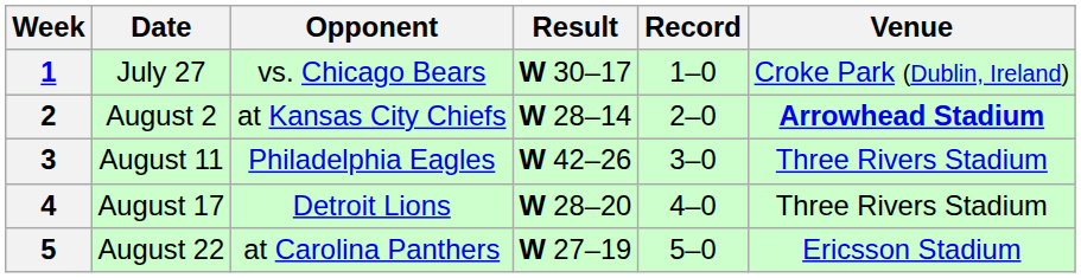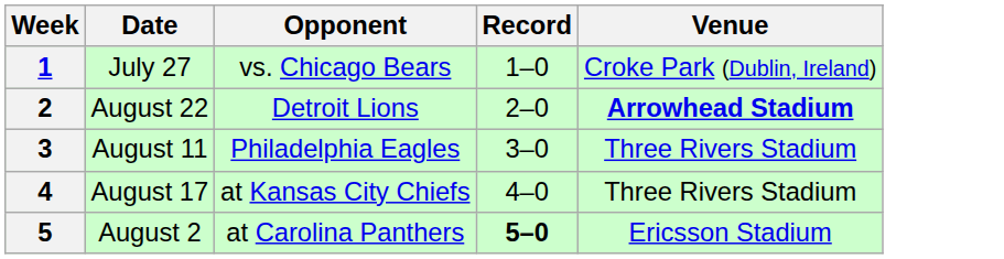 <table class="wikitable" style="text-align:center">
 <tr>
 <th>Week</th>
 <th>Date</th>
 <th>Opponent</th>
-<th>Result</th>
 <th>Record</th>
 <th>Venue</th>
 </tr>
 <tr style="background:#cfc">
 <th><a href='#'>1</a></th>
 <td>July 27</td>
 <td>vs. <a href='#'>Chicago Bears</a></td>
-<td><strong>W</strong> 30–17</td>
 <td>1–0</td>
 <td> <a href='#'>Croke Park</a> <small>(<a href='#'>Dublin, Ireland</a>)</small></td>
 </tr>
 <tr style="background:#cfc">
 <th>2</th>
-<td>August 2</td>
-<td>at <a href='#'>Kansas City Chiefs</a></td>
-<td><strong>W</strong> 28–14</td>
+<td>August 22</td>
+<td><a href='#'>Detroit Lions</a></td>
 <td>2–0</td>
 <td><strong><a href='#'>Arrowhead Stadium</a></strong></td>
 </tr>
 <tr style="background:#cfc">
 <th>3</th>
 <td>August 11</td>
 <td><a href='#'>Philadelphia Eagles</a></td>
-<td><strong>W</strong> 42–26</td>
 <td>3–0</td>
 <td><a href='#'>Three Rivers Stadium</a></td>
 </tr>
 <tr style="background:#cfc">
 <th>4</th>
 <td>August 17</td>
-<td><a href='#'>Detroit Lions</a></td>
-<td><strong>W</strong> 28–20</td>
+<td>at <a href='#'>Kansas City Chiefs</a></td>
 <td>4–0</td>
 <td>Three Rivers Stadium</td>
 </tr>
 <tr style="background:#cfc">
 <th>5</th>
-<td>August 22</td>
+<td>August 2</td>
 <td>at <a href='#'>Carolina Panthers</a></td>
-<td><strong>W</strong> 27–19</td>
-<td>5–0</td>
+<td><strong>5–0</strong></td>
 <td><a href='#'>Ericsson Stadium</a></td>
 </tr>
 </table>
